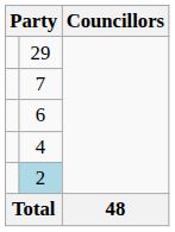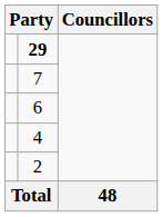 <table class="wikitable">
 <tr>
 <th colspan="2">Party</th>
 <th>Councillors</th>
 </tr>
 <tr>
 <td></td>
-<td align=center>29</td>
+<td align=center><strong>29</strong></td>
 </tr>
 <tr>
 <td></td>
 <td align=center>7</td>
 </tr>
 <tr>
 <td></td>
 <td align=center>6</td>
 </tr>
 <tr>
 <td></td>
 <td align=center>4</td>
 </tr>
 <tr>
 <td></td>
-<td align=center style="background: lightblue;">2</td>
+<td align=center>2</td>
 </tr>
 <tr>
 <th colspan=2>Total</th>
 <th align=center>48</th>
 </tr>
 </table>
